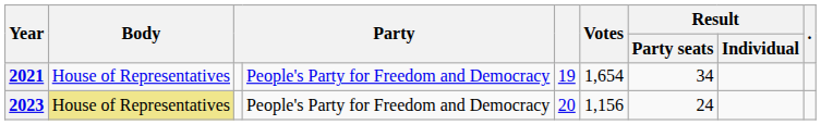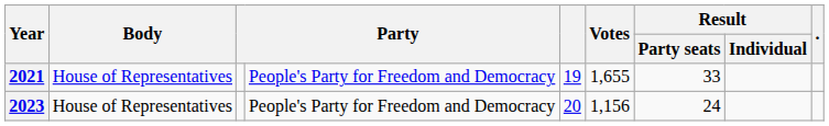 <table class="wikitable plainrowheaders sortable" border=2 cellpadding=4 cellspacing=0 style="border: 1px #aaa solid; font-size: 90%; text-align:center;">
 <tr>
 <th scope="col" rowspan=2>Year</th>
 <th scope="col" rowspan=2>Body</th>
 <th scope="col" colspan=2 rowspan=2>Party</th>
 <th scope="col" rowspan=2></th>
 <th scope="col" rowspan=2>Votes</th>
 <th scope="colgroup" colspan=2>Result</th>
 <th scope="col" rowspan=2 class="unsortable">.</th>
 </tr>
 <tr>
 <th scope="col">Party seats</th>
 <th scope="col">Individual</th>
 </tr>
 <tr>
 <th scope="row"><a href='#'>2021</a></th>
 <td><a href='#'>House of Representatives</a></td>
 <td style="background-color:"></td>
 <td><a href='#'>People's Party for Freedom and Democracy</a></td>
 <td style=text-align:right><a href='#'>19</a></td>
-<td style=text-align:right>1,654</td>
-<td style=text-align:right>34</td>
+<td style=text-align:right>1,655</td>
+<td style=text-align:right>33</td>
 <td></td>
 <td></td>
 </tr>
 <tr>
 <th scope="row"><a href='#'>2023</a></th>
-<td style="background: khaki;">House of Representatives</td>
+<td>House of Representatives</td>
 <td style="background-color:"></td>
 <td>People's Party for Freedom and Democracy</td>
 <td style=text-align:right><a href='#'>20</a></td>
 <td style=text-align:right>1,156</td>
 <td style=text-align:right>24</td>
 <td></td>
 <td></td>
 </tr>
 </table>
